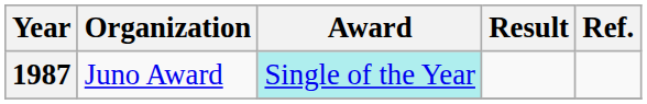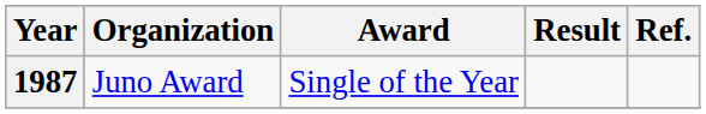 <table class="wikitable plainrowheaders">
 <tr>
 <th>Year</th>
 <th>Organization</th>
 <th>Award</th>
 <th>Result</th>
 <th>Ref.</th>
 </tr>
 <tr>
 <th scope="row" rowspan="3">1987</th>
 <td rowspan="3"><a href='#'>Juno Award</a></td>
-<td style="background: paleturquoise;"><a href='#'>Single of the Year</a></td>
+<td><a href='#'>Single of the Year</a></td>
 <td></td>
 <td style="text-align:center;"></td>
 </tr>
 <tr>
 </tr>
 </table>
